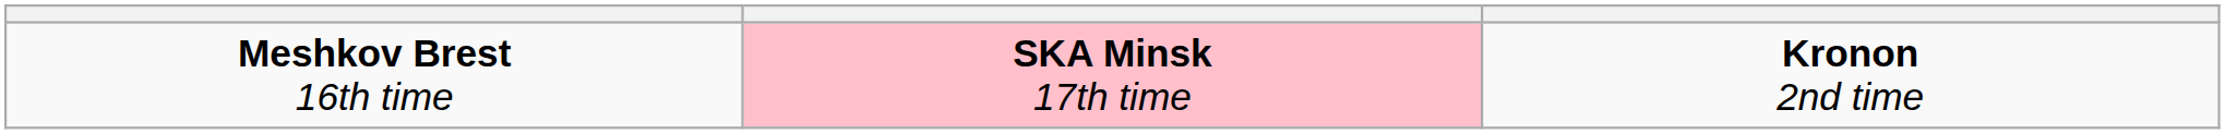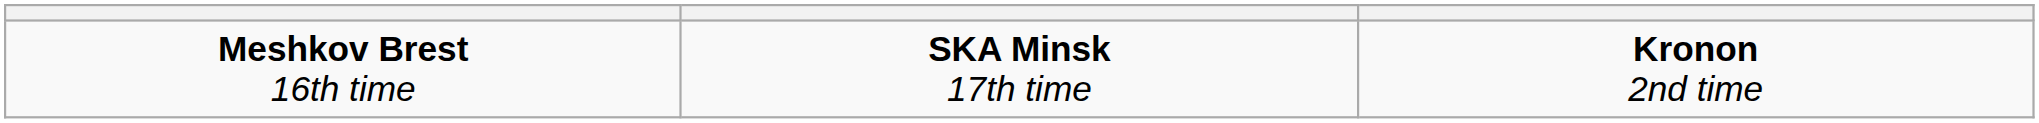 <table class="wikitable" style="text-align: center;">
 <tr>
 <th width="300"></th>
 <th width="300"></th>
 <th width="300"></th>
 </tr>
 <tr>
 <td><strong>Meshkov Brest</strong><br><em>16th time</em></td>
-<td style="background: pink;"><strong>SKA Minsk</strong><br><em>17th time</em></td>
+<td><strong>SKA Minsk</strong><br><em>17th time</em></td>
 <td><strong>Kronon</strong><br><em>2nd time</td>
 </tr>
 </table>
